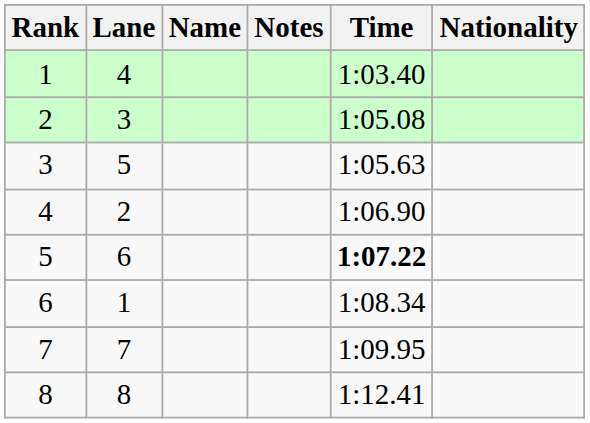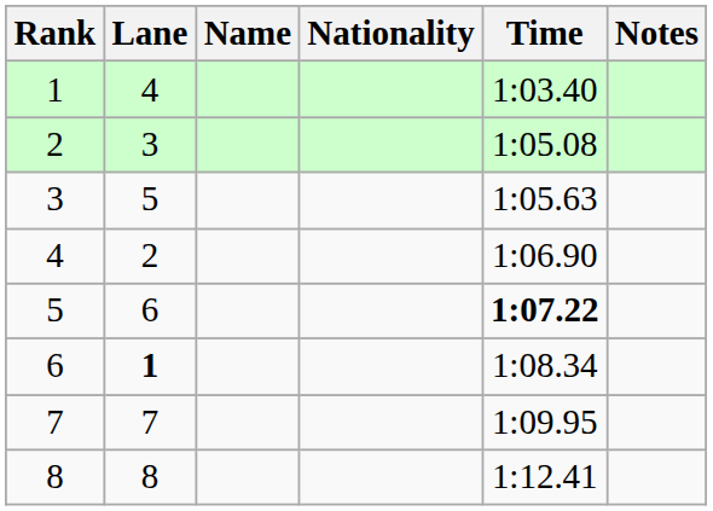 <table class="wikitable sortable" style="text-align:center">
 <tr>
 <th>Rank</th>
 <th>Lane</th>
 <th>Name</th>
+<th>Nationality</th>
+<th>Time</th>
 <th>Notes</th>
-<th>Time</th>
-<th>Nationality</th>
 </tr>
 <tr bgcolor=ccffcc>
 <td>1</td>
 <td>4</td>
 <td align=left></td>
+<td align=left></td>
+<td>1:03.40</td>
 <td><strong></strong></td>
-<td>1:03.40</td>
-<td align=left></td>
 </tr>
 <tr bgcolor=ccffcc>
 <td>2</td>
 <td>3</td>
 <td align=left></td>
+<td align=left></td>
+<td>1:05.08</td>
 <td><strong></strong></td>
-<td>1:05.08</td>
-<td align=left></td>
 </tr>
 <tr>
 <td>3</td>
 <td>5</td>
 <td align=left></td>
+<td align=left></td>
+<td>1:05.63</td>
 <td></td>
-<td>1:05.63</td>
-<td align=left></td>
 </tr>
 <tr>
 <td>4</td>
 <td>2</td>
 <td align=left></td>
+<td align=left></td>
+<td>1:06.90</td>
 <td></td>
-<td>1:06.90</td>
-<td align=left></td>
 </tr>
 <tr>
 <td>5</td>
 <td>6</td>
 <td align=left></td>
+<td align=left></td>
+<td><strong>1:07.22</strong></td>
 <td></td>
-<td><strong>1:07.22</strong></td>
-<td align=left></td>
 </tr>
 <tr>
 <td>6</td>
-<td>1</td>
+<td><strong>1</strong></td>
 <td align=left></td>
+<td align=left></td>
+<td>1:08.34</td>
 <td></td>
-<td>1:08.34</td>
-<td align=left></td>
 </tr>
 <tr>
 <td>7</td>
 <td>7</td>
 <td align=left></td>
+<td align=left></td>
+<td>1:09.95</td>
 <td></td>
-<td>1:09.95</td>
-<td align=left></td>
 </tr>
 <tr>
 <td>8</td>
 <td>8</td>
 <td align=left></td>
+<td align=left></td>
+<td>1:12.41</td>
 <td></td>
-<td>1:12.41</td>
-<td align=left></td>
 </tr>
 </table>
